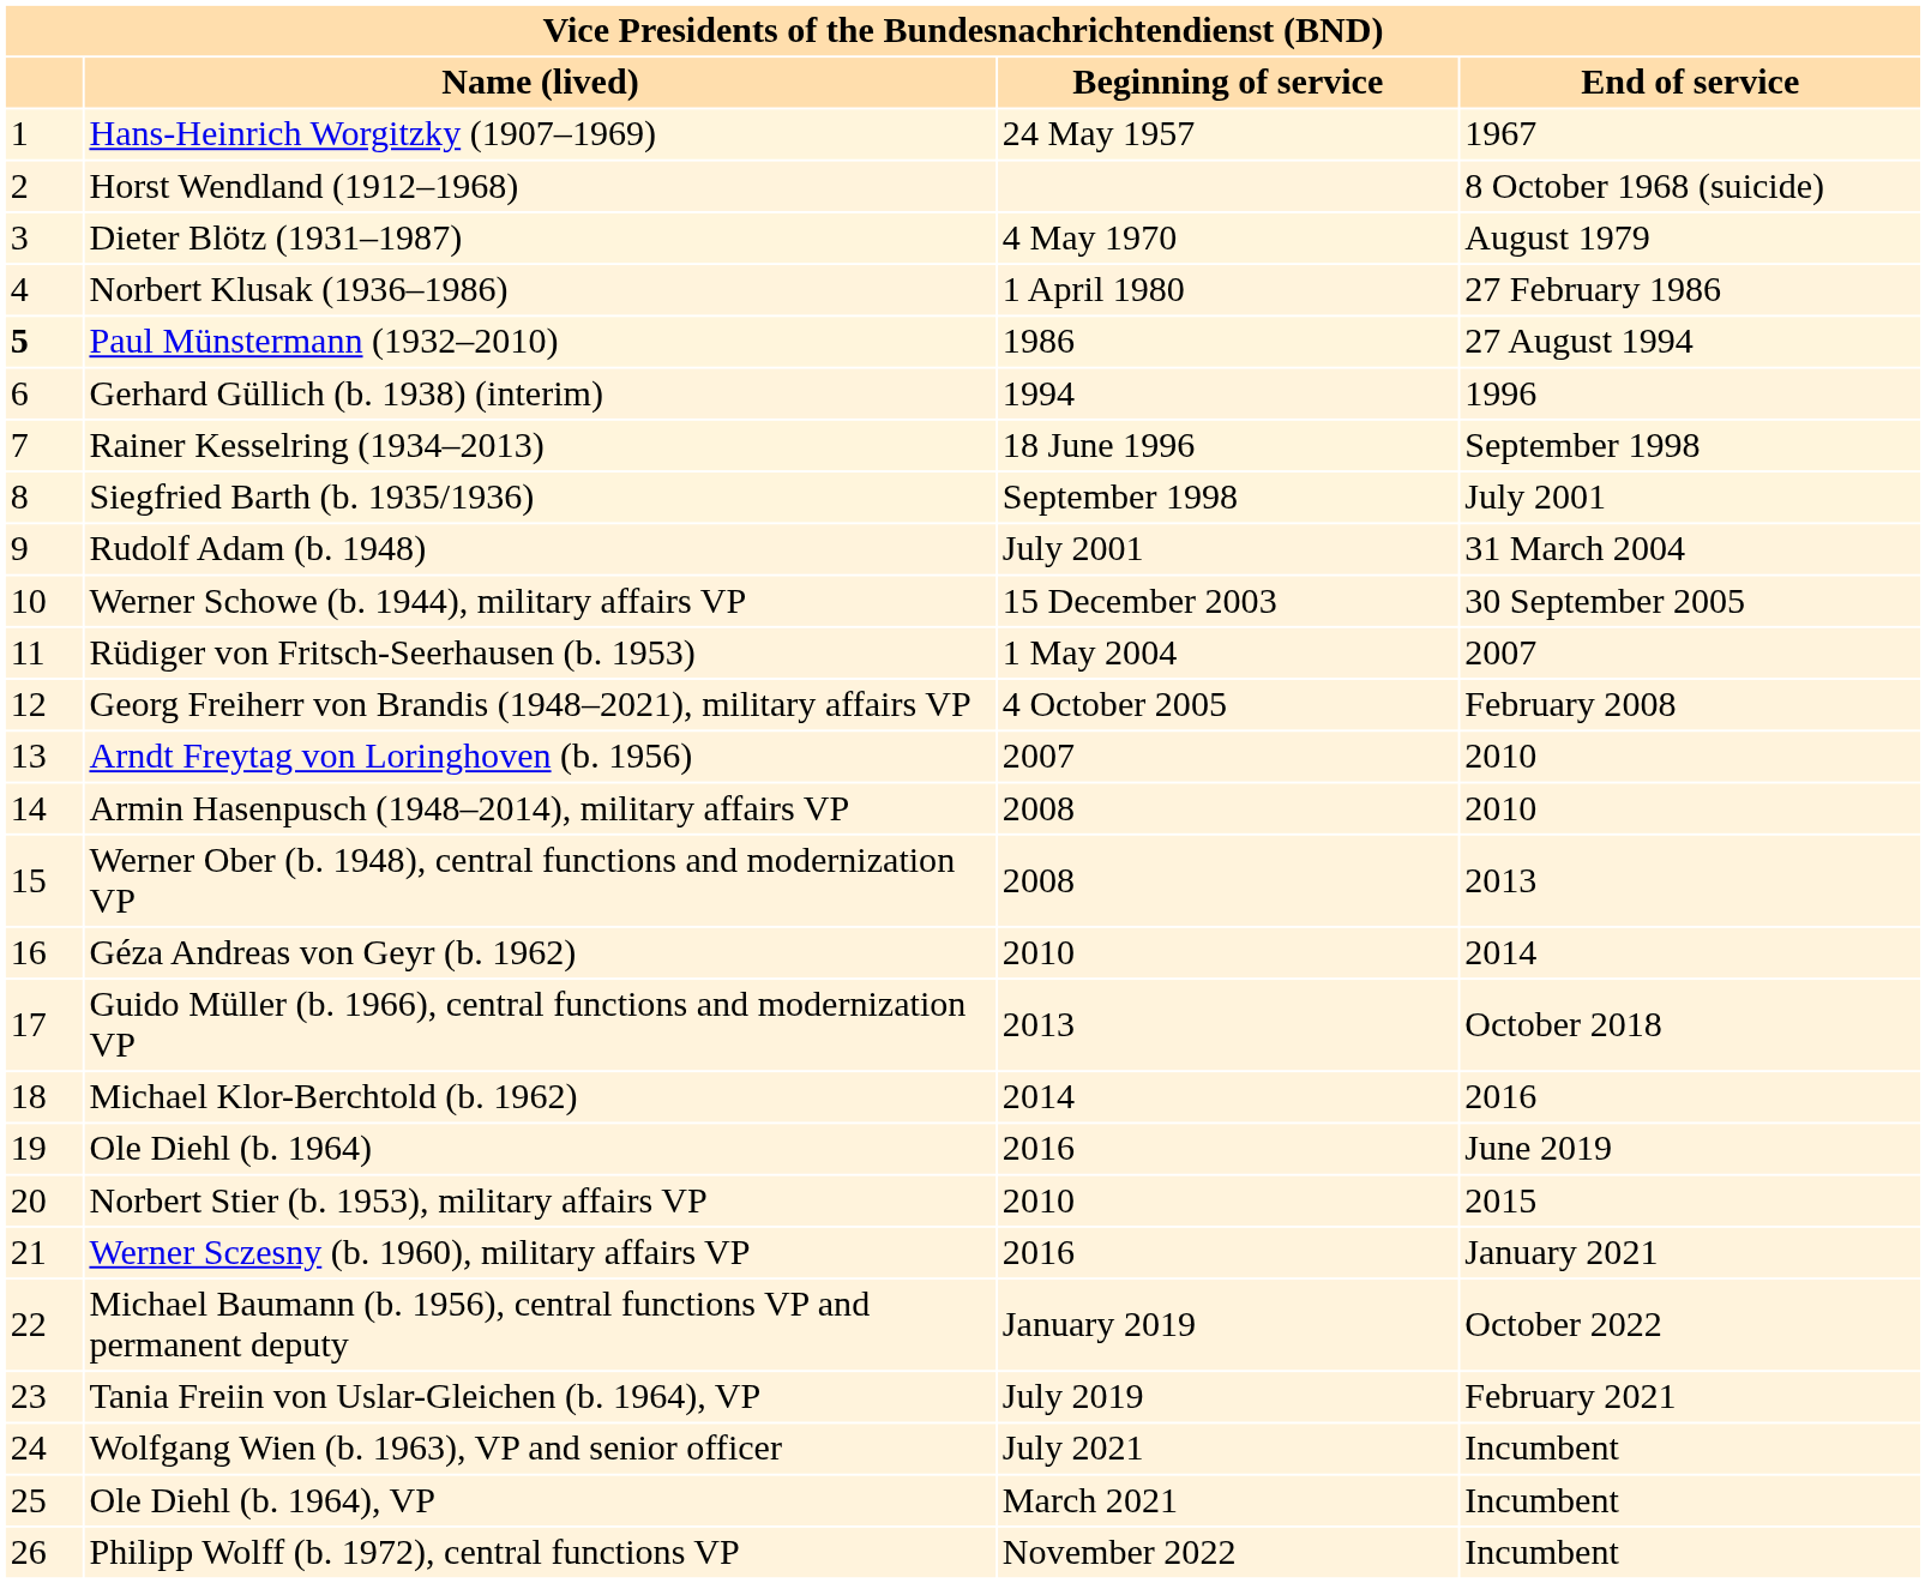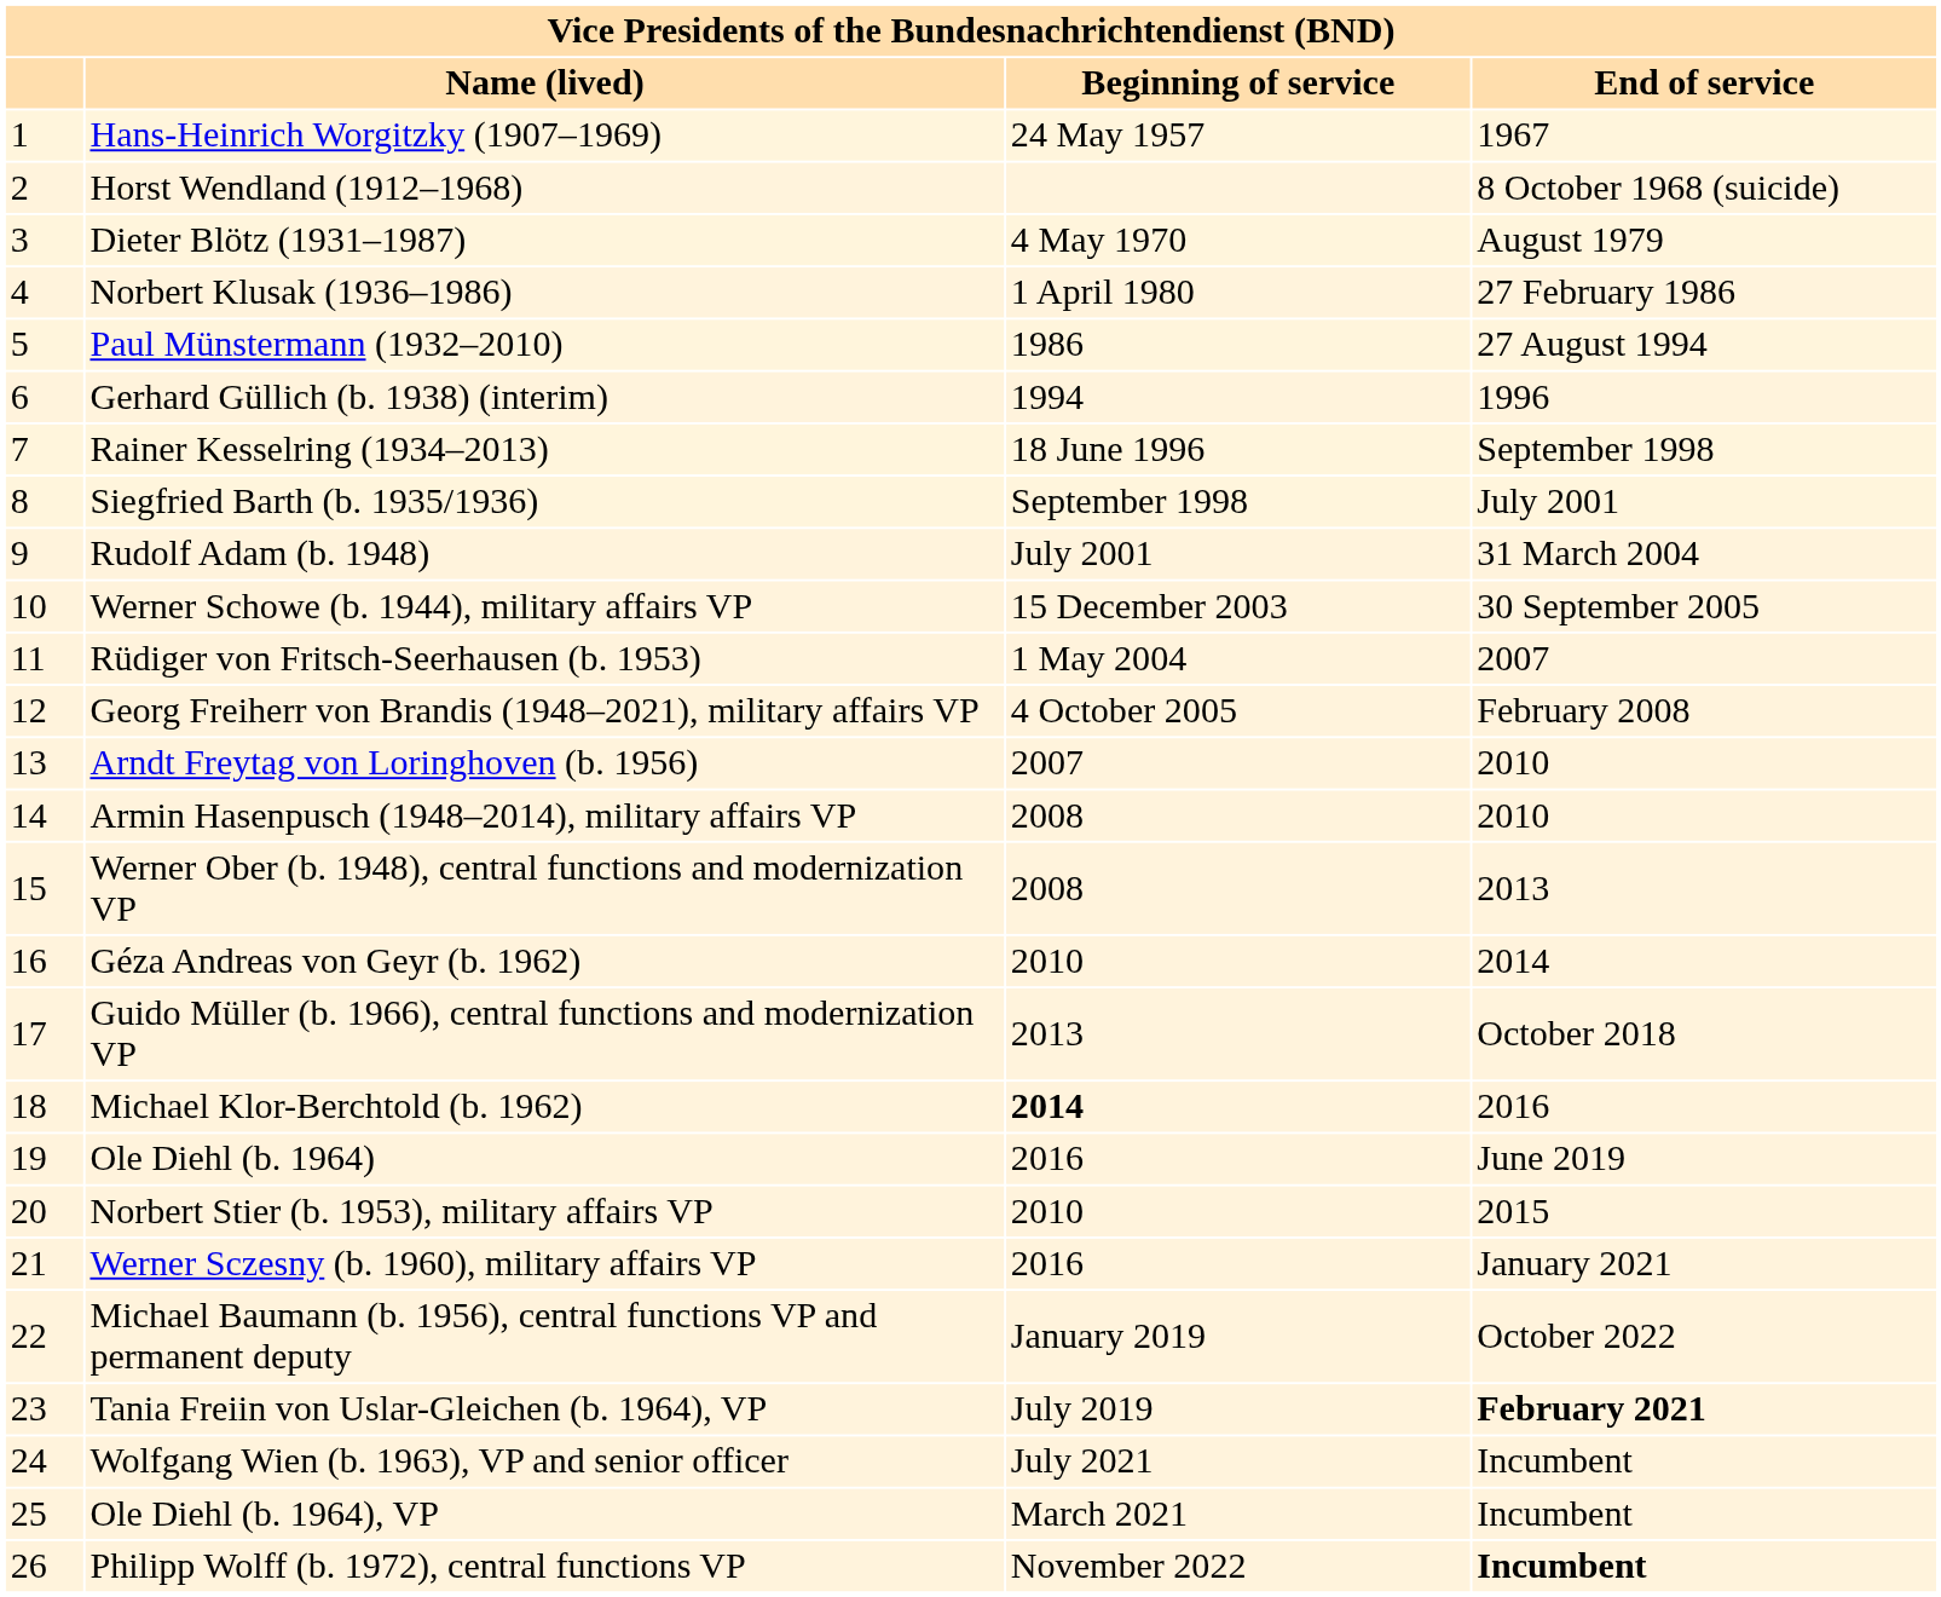 <table |border=0 cellpadding="2" cellspacing="1">
 <tr>
 <td style="background:#ffdead; text-align:center;" colspan="6"><strong>Vice Presidents of the Bundesnachrichtendienst (BND)</strong></td>
 </tr>
 <tr>
 <th style="width:30px; background:#ffdead;"></th>
 <th style="width:400px; background:#ffdead;"><strong>Name (lived)</strong></th>
 <th style="width:200px; background:#ffdead;"><strong>Beginning of service</strong></th>
 <th style="width:200px; background:#ffdead;"><strong>End of service</strong></th>
 </tr>
 <tr>
 <td style="background:#FFF5DC;">1</td>
 <td style="background:#FFF5DC;"><a href='#'>Hans-Heinrich Worgitzky</a> (1907–1969)</td>
 <td style="background:#fff5dc; text-align:left;">24 May 1957</td>
 <td style="background:#fff5dc; text-align:left;">1967</td>
 </tr>
 <tr>
 <td style="background:#FFF3DC;">2</td>
 <td style="background:#FFF3DC;">Horst Wendland (1912–1968)</td>
 <td style="background:#fff3dc; text-align:left;"></td>
 <td style="background:#fff3dc; text-align:left;">8 October 1968 (suicide)</td>
 </tr>
 <tr>
 <td style="background:#FFF5DC;">3</td>
 <td style="background:#FFF5DC;">Dieter Blötz (1931–1987)</td>
 <td style="background:#fff5dc; text-align:left;">4 May 1970</td>
 <td style="background:#fff5dc; text-align:left;">August 1979</td>
 </tr>
 <tr>
 <td style="background:#FFF3DC;">4</td>
 <td style="background:#FFF3DC;">Norbert Klusak (1936–1986)</td>
 <td style="background:#fff3dc; text-align:left;">1 April 1980</td>
 <td style="background:#fff3dc; text-align:left;">27 February 1986</td>
 </tr>
 <tr>
-<td style="background:#FFF5DC;"><strong>5</strong></td>
+<td style="background:#FFF5DC;">5</td>
 <td style="background:#FFF5DC;"><a href='#'>Paul Münstermann</a> (1932–2010)</td>
 <td style="background:#fff5dc; text-align:left;">1986</td>
 <td style="background:#fff5dc; text-align:left;">27 August 1994</td>
 </tr>
 <tr>
 <td style="background:#FFF3DC;">6</td>
 <td style="background:#FFF3DC;">Gerhard Güllich (b. 1938) (interim)</td>
 <td style="background:#fff3dc; text-align:left;">1994</td>
 <td style="background:#fff3dc; text-align:left;">1996</td>
 </tr>
 <tr>
 <td style="background:#FFF5DC;">7</td>
 <td style="background:#FFF5DC;">Rainer Kesselring (1934–2013)</td>
 <td style="background:#fff5dc; text-align:left;">18 June 1996</td>
 <td style="background:#fff5dc; text-align:left;">September 1998</td>
 </tr>
 <tr>
 <td style="background:#FFF5DC;">8</td>
 <td style="background:#FFF5DC;">Siegfried Barth (b. 1935/1936)</td>
 <td style="background:#fff5dc; text-align:left;">September 1998</td>
 <td style="background:#fff5dc; text-align:left;">July 2001</td>
 </tr>
 <tr>
 <td style="background:#FFF3DC;">9</td>
 <td style="background:#FFF3DC;">Rudolf Adam (b. 1948)</td>
 <td style="background:#fff3dc; text-align:left;">July 2001</td>
 <td style="background:#fff3dc; text-align:left;">31 March 2004</td>
 </tr>
 <tr>
 <td style="background:#FFF3DC;">10</td>
 <td style="background:#FFF3DC;">Werner Schowe (b. 1944), military affairs VP</td>
 <td style="background:#fff3dc; text-align:left;">15 December 2003</td>
 <td style="background:#fff3dc; text-align:left;">30 September 2005</td>
 </tr>
 <tr>
 <td style="background:#FFF3DC;">11</td>
 <td style="background:#FFF3DC;">Rüdiger von Fritsch-Seerhausen (b. 1953)</td>
 <td style="background:#fff3dc; text-align:left;">1 May 2004</td>
 <td style="background:#fff3dc; text-align:left;">2007</td>
 </tr>
 <tr>
 <td style="background:#FFF3DC;">12</td>
 <td style="background:#FFF3DC;">Georg Freiherr von Brandis (1948–2021), military affairs VP</td>
 <td style="background:#fff3dc; text-align:left;">4 October 2005</td>
 <td style="background:#fff3dc; text-align:left;">February 2008</td>
 </tr>
 <tr>
 <td style="background:#FFF3DC;">13</td>
 <td style="background:#FFF3DC;"><a href='#'>Arndt Freytag von Loringhoven</a> (b. 1956)</td>
 <td style="background:#fff3dc; text-align:left;">2007</td>
 <td style="background:#fff3dc; text-align:left;">2010</td>
 </tr>
 <tr>
 <td style="background:#FFF3DC;">14</td>
 <td style="background:#FFF3DC;">Armin Hasenpusch (1948–2014), military affairs VP</td>
 <td style="background:#fff3dc; text-align:left;">2008</td>
 <td style="background:#fff3dc; text-align:left;">2010</td>
 </tr>
 <tr>
 <td style="background:#FFF3DC;">15</td>
 <td style="background:#FFF3DC;">Werner Ober (b. 1948), central functions and modernization VP</td>
 <td style="background:#fff3dc; text-align:left;">2008</td>
 <td style="background:#fff3dc; text-align:left;">2013</td>
 </tr>
 <tr>
 <td style="background:#FFF3DC;">16</td>
 <td style="background:#FFF3DC;">Géza Andreas von Geyr (b. 1962)</td>
 <td style="background:#fff3dc; text-align:left;">2010</td>
 <td style="background:#fff3dc; text-align:left;">2014</td>
 </tr>
 <tr>
 <td style="background:#FFF3DC;">17</td>
 <td style="background:#FFF3DC;">Guido Müller (b. 1966), central functions and modernization VP</td>
 <td style="background:#fff3dc; text-align:left;">2013</td>
 <td style="background:#fff3dc; text-align:left;">October 2018</td>
 </tr>
 <tr>
 <td style="background:#FFF3DC;">18</td>
 <td style="background:#FFF3DC;">Michael Klor-Berchtold (b. 1962)</td>
-<td style="background:#fff3dc; text-align:left;">2014</td>
+<td style="background:#fff3dc; text-align:left;"><strong>2014</strong></td>
 <td style="background:#fff3dc; text-align:left;">2016</td>
 </tr>
 <tr>
 <td style="background:#FFF3DC;">19</td>
 <td style="background:#FFF3DC;">Ole Diehl (b. 1964)</td>
 <td style="background:#fff3dc; text-align:left;">2016</td>
 <td style="background:#fff3dc; text-align:left;">June 2019</td>
 </tr>
 <tr>
 <td style="background:#FFF3DC;">20</td>
 <td style="background:#FFF3DC;">Norbert Stier (b. 1953), military affairs VP</td>
 <td style="background:#fff3dc; text-align:left;">2010</td>
 <td style="background:#fff3dc; text-align:left;">2015</td>
 </tr>
 <tr>
 <td style="background:#FFF3DC;">21</td>
 <td style="background:#FFF3DC;"><a href='#'>Werner Sczesny</a> (b. 1960), military affairs VP</td>
 <td style="background:#fff3dc; text-align:left;">2016</td>
 <td style="background:#fff3dc; text-align:left;">January 2021</td>
 </tr>
 <tr>
 <td style="background:#FFF3DC;">22</td>
 <td style="background:#FFF3DC;">Michael Baumann (b. 1956), central functions VP and permanent deputy</td>
 <td style="background:#fff3dc; text-align:left;">January 2019</td>
 <td style="background:#fff3dc; text-align:left;">October 2022</td>
 </tr>
 <tr>
 <td style="background:#FFF3DC;">23</td>
 <td style="background:#FFF3DC;">Tania Freiin von Uslar-Gleichen (b. 1964), VP</td>
 <td style="background:#fff3dc; text-align:left;">July 2019</td>
-<td style="background:#fff3dc; text-align:left;">February 2021</td>
+<td style="background:#fff3dc; text-align:left;"><strong>February 2021</strong></td>
 </tr>
 <tr>
 <td style="background:#FFF3DC;">24</td>
 <td style="background:#FFF3DC;">Wolfgang Wien (b. 1963), VP and senior officer</td>
 <td style="background:#fff3dc; text-align:left;">July 2021</td>
 <td style="background:#fff3dc; text-align:left;">Incumbent</td>
 </tr>
 <tr>
 <td style="background:#FFF3DC;">25</td>
 <td style="background:#FFF3DC;">Ole Diehl (b. 1964), VP</td>
 <td style="background:#fff3dc; text-align:left;">March 2021</td>
 <td style="background:#fff3dc; text-align:left;">Incumbent</td>
 </tr>
 <tr>
 <td style="background:#FFF3DC;">26</td>
 <td style="background:#FFF3DC;">Philipp Wolff (b. 1972), central functions VP</td>
 <td style="background:#fff3dc; text-align:left;">November 2022</td>
-<td style="background:#fff3dc; text-align:left;">Incumbent</td>
+<td style="background:#fff3dc; text-align:left;"><strong>Incumbent</strong></td>
 </tr>
 </table>
